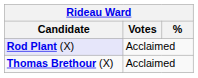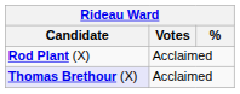 <table class="wikitable">
 <tr>
 <th colspan="3"><a href='#'>Rideau Ward</a></th>
 </tr>
 <tr>
 <th style="width: 170px">Candidate</th>
 <th style="width: 50px">Votes</th>
 <th style="width: 40px">%</th>
 </tr>
 <tr>
-<td style="background: lavender;"><strong><a href='#'>Rod Plant</a></strong> (X)</td>
+<td><strong><a href='#'>Rod Plant</a></strong> (X)</td>
 <td colspan="2">Acclaimed</td>
 </tr>
 <tr>
-<td><strong><a href='#'>Thomas Brethour</a></strong> (X)</td>
+<td style="background: lavender;"><strong><a href='#'>Thomas Brethour</a></strong> (X)</td>
 <td colspan="2">Acclaimed</td>
 </tr>
 </table>
